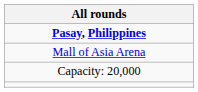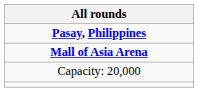 <table class=wikitable style=text-align:center width=250>
 <tr>
 <th>All rounds</th>
 </tr>
 <tr>
 <td><strong> <a href='#'>Pasay</a>, <a href='#'>Philippines</a></strong></td>
 </tr>
 <tr>
-<td><a href='#'>Mall of Asia Arena</a></td>
+<td><strong><a href='#'>Mall of Asia Arena</a></strong></td>
 </tr>
 <tr>
 <td>Capacity: 20,000</td>
 </tr>
 <tr>
 <td></td>
 </tr>
 </table>
